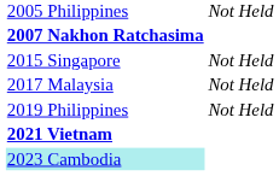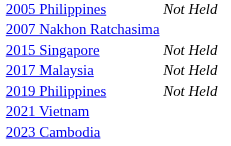 <table>
 <tr>
 <td><a href='#'>2005 Philippines</a><br></td>
 <td colspan=4; align=center><em>Not Held</em></td>
 </tr>
 <tr>
-<td><strong><a href='#'>2007 Nakhon Ratchasima</a><br></strong></td>
+<td><a href='#'>2007 Nakhon Ratchasima</a><br></td>
 <td></td>
 <td></td>
 <td></td>
 </tr>
 <tr>
 <td><a href='#'>2015 Singapore</a><br></td>
 <td colspan=4; align=center><em>Not Held</em></td>
 </tr>
 <tr>
 <td><a href='#'>2017 Malaysia</a><br></td>
 <td colspan=4; align=center><em>Not Held</em></td>
 </tr>
 <tr>
 <td><a href='#'>2019 Philippines</a><br></td>
 <td colspan=4; align=center><em>Not Held</em></td>
 </tr>
 <tr>
-<td><strong><a href='#'>2021 Vietnam</a><br></strong></td>
+<td><a href='#'>2021 Vietnam</a><br></td>
 <td></td>
 <td></td>
 <td></td>
 </tr>
 <tr>
-<td style="background: paleturquoise;"><a href='#'>2023 Cambodia</a><br></td>
+<td><a href='#'>2023 Cambodia</a><br></td>
 <td></td>
 <td></td>
 <td></td>
 </tr>
 </table>
